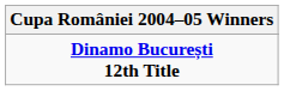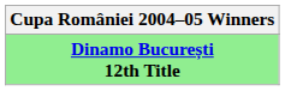 <table class="wikitable" style="text-align: center; margin: 0 auto;">
 <tr>
 <th>Cupa României 2004–05 Winners</th>
 </tr>
 <tr>
 </tr>
 <tr>
-<td><strong><a href='#'>Dinamo București</a></strong><br><strong>12th Title</strong></td>
+<td style="background: lightgreen;"><strong><a href='#'>Dinamo București</a></strong><br><strong>12th Title</strong></td>
 </tr>
 </table>
